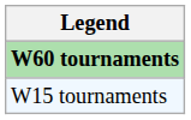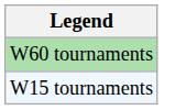 <table class="wikitable" style="font-size:85%;">
 <tr>
 <th>Legend</th>
 </tr>
 <tr style="background:#addfad;">
-<td><strong>W60 tournaments</strong></td>
+<td>W60 tournaments</td>
 </tr>
 <tr style="background:#f0f8ff;">
 <td>W15 tournaments</td>
 </tr>
 </table>
